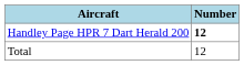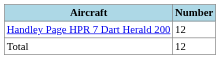 <table class="toccolours" border="1" cellpadding="3" style="border-collapse:collapse">
 <tr bgcolor=lightblue>
 <th>Aircraft</th>
 <th>Number</th>
 </tr>
 <tr>
 <td><a href='#'>Handley Page HPR 7 Dart Herald 200</a></td>
-<td><strong>12</strong></td>
+<td>12</td>
 </tr>
 <tr>
 <td>Total</td>
 <td>12</td>
 </tr>
 </table>
